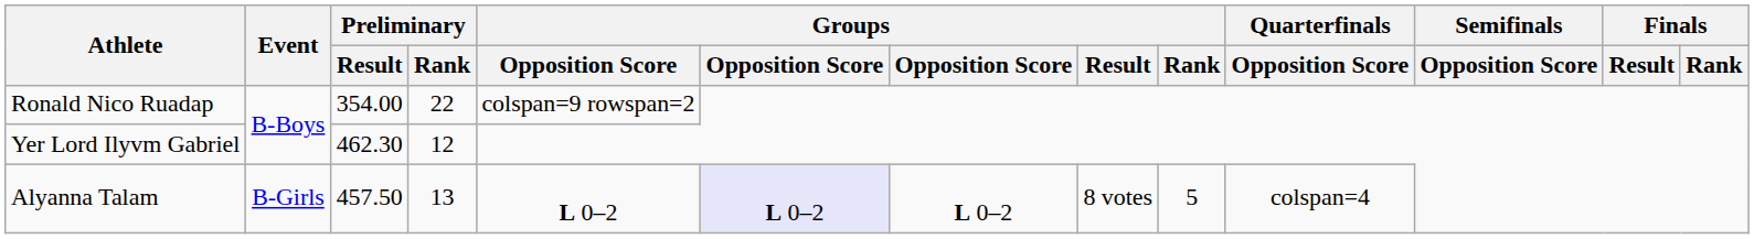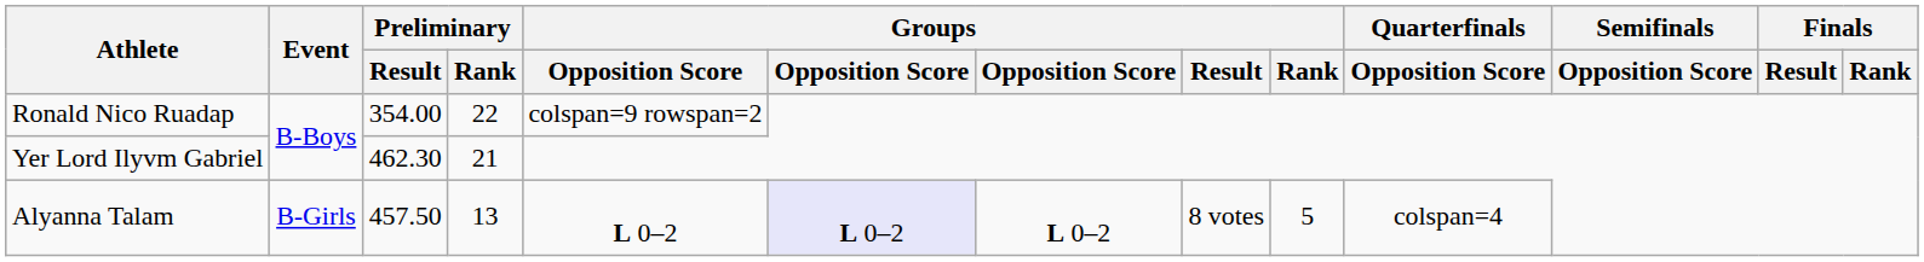 <table class=wikitable  style="font-size:90%;text-align:center">
 <tr>
 <th rowspan=2>Athlete</th>
 <th rowspan=2>Event</th>
 <th colspan=2>Preliminary</th>
 <th colspan=5>Groups</th>
 <th>Quarterfinals</th>
 <th>Semifinals</th>
 <th colspan=2>Finals</th>
 </tr>
 <tr>
 <th>Result</th>
 <th>Rank</th>
 <th>Opposition Score</th>
 <th>Opposition Score</th>
 <th>Opposition Score</th>
 <th>Result</th>
 <th>Rank</th>
 <th>Opposition Score</th>
 <th>Opposition Score</th>
 <th>Result</th>
 <th>Rank</th>
 </tr>
 <tr>
 <td align=left>Ronald Nico Ruadap</td>
 <td rowspan=2><a href='#'>B-Boys</a></td>
 <td>354.00</td>
 <td>22</td>
 <td>colspan=9 rowspan=2 </td>
 </tr>
 <tr>
 <td align=left>Yer Lord Ilyvm Gabriel</td>
 <td>462.30</td>
-<td>12</td>
+<td>21</td>
 </tr>
 <tr>
 <td align=left>Alyanna Talam</td>
 <td><a href='#'>B-Girls</a></td>
 <td>457.50</td>
 <td>13 </td>
 <td><br> <strong>L</strong> 0–2</td>
 <td style="background: lavender;"><br> <strong>L</strong> 0–2</td>
 <td><br> <strong>L</strong> 0–2</td>
 <td>8 votes</td>
 <td>5</td>
 <td>colspan=4 </td>
 </tr>
 </table>
